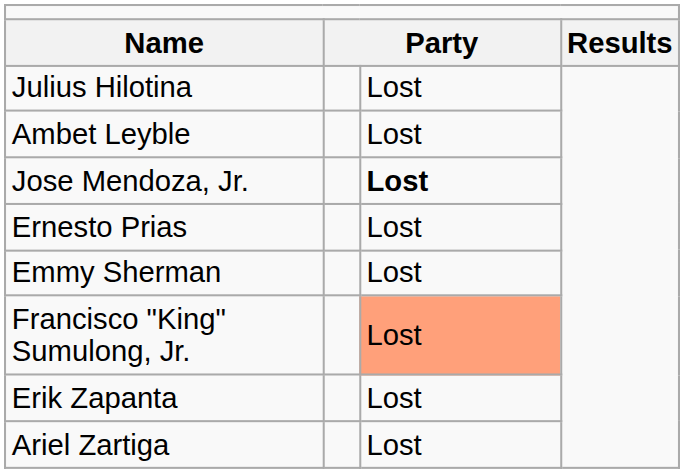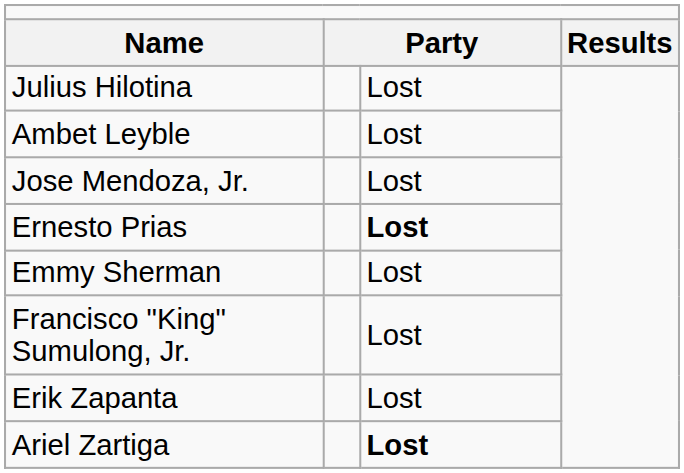 <table class="wikitable" style="font-size:90%">
 <tr>
 <td colspan="4"></td>
 </tr>
 <tr>
 <th width="150px">Name</th>
 <th colspan="2" width="110px">Party</th>
 <th>Results</th>
 </tr>
 <tr>
 <td>Julius Hilotina</td>
 <td></td>
 <td>Lost</td>
 </tr>
 <tr>
 <td>Ambet Leyble</td>
 <td></td>
 <td>Lost</td>
 </tr>
 <tr>
 <td>Jose Mendoza, Jr.</td>
 <td></td>
-<td><strong>Lost</strong></td>
+<td>Lost</td>
 </tr>
 <tr>
 <td>Ernesto Prias</td>
 <td></td>
-<td>Lost</td>
+<td><strong>Lost</strong></td>
 </tr>
 <tr>
 <td>Emmy Sherman</td>
 <td></td>
 <td>Lost</td>
 </tr>
 <tr>
 <td>Francisco "King" Sumulong, Jr.</td>
 <td></td>
-<td style="background: lightsalmon;">Lost</td>
+<td>Lost</td>
 </tr>
 <tr>
 <td>Erik Zapanta</td>
 <td></td>
 <td>Lost</td>
 </tr>
 <tr>
 <td>Ariel Zartiga</td>
 <td></td>
-<td>Lost</td>
+<td><strong>Lost</strong></td>
 </tr>
 </table>
